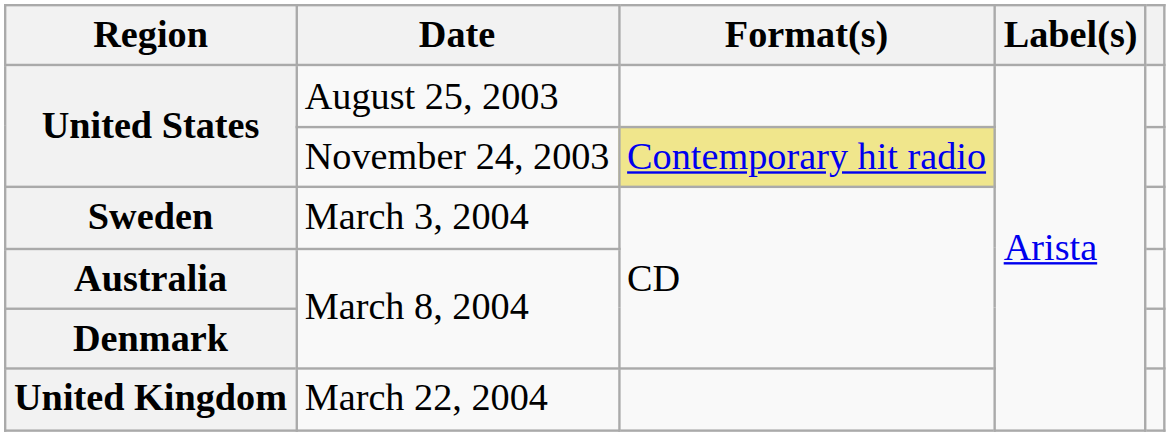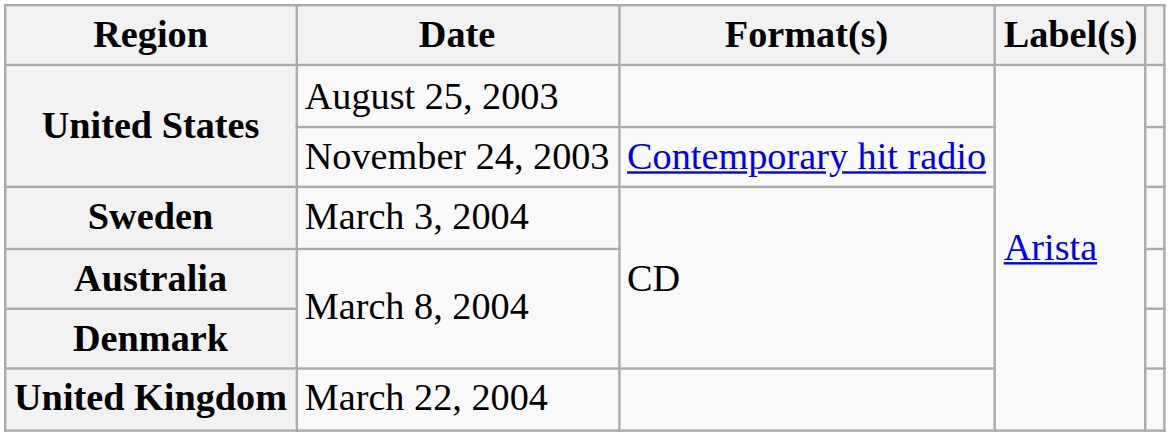 <table class="wikitable plainrowheaders">
 <tr>
 <th scope="col">Region</th>
 <th scope="col">Date</th>
 <th scope="col">Format(s)</th>
 <th scope="col">Label(s)</th>
 <th scope="col"></th>
 </tr>
 <tr>
 <th scope="row" rowspan="2">United States</th>
 <td>August 25, 2003</td>
 <td></td>
 <td rowspan="6"><a href='#'>Arista</a></td>
 <td align="center"></td>
 </tr>
 <tr>
 <td>November 24, 2003</td>
-<td style="background: khaki;"><a href='#'>Contemporary hit radio</a></td>
+<td><a href='#'>Contemporary hit radio</a></td>
 <td align="center"></td>
 </tr>
 <tr>
 <th scope="row">Sweden</th>
 <td>March 3, 2004</td>
 <td rowspan="3">CD</td>
 <td align="center"></td>
 </tr>
 <tr>
 <th scope="row">Australia</th>
 <td rowspan="2">March 8, 2004</td>
 <td align="center"></td>
 </tr>
 <tr>
 <th scope="row">Denmark</th>
 <td align="center"></td>
 </tr>
 <tr>
 <th scope="row">United Kingdom</th>
 <td>March 22, 2004</td>
 <td></td>
 <td align="center"></td>
 </tr>
 </table>
